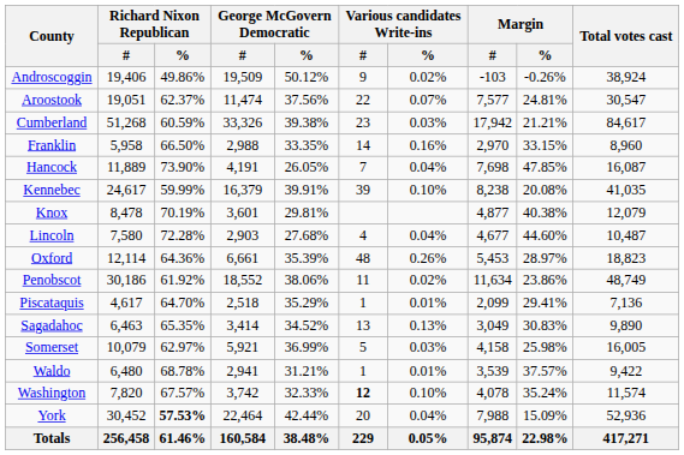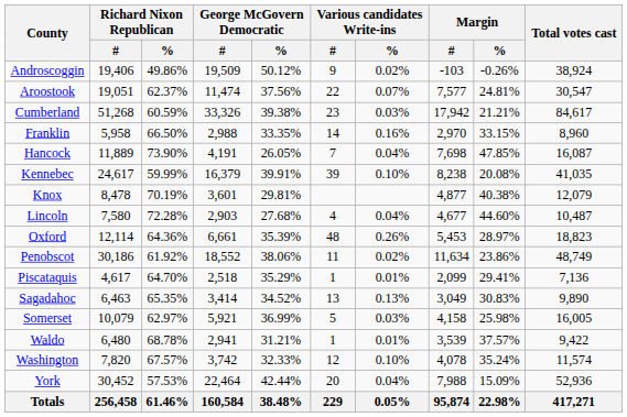 <table width="60%" class="wikitable sortable">
 <tr>
 <th rowspan="2">County</th>
 <th colspan="2">Richard Nixon<br>Republican</th>
 <th colspan="2">George McGovern<br>Democratic</th>
 <th colspan="2">Various candidates<br>Write-ins</th>
 <th colspan="2">Margin</th>
 <th rowspan="2">Total votes cast</th>
 </tr>
 <tr>
 <th style="text-align:center;" data-sort-type="number">#</th>
 <th style="text-align:center;" data-sort-type="number">%</th>
 <th style="text-align:center;" data-sort-type="number">#</th>
 <th style="text-align:center;" data-sort-type="number">%</th>
 <th style="text-align:center;" data-sort-type="number">#</th>
 <th style="text-align:center;" data-sort-type="number">%</th>
 <th style="text-align:center;" data-sort-type="number">#</th>
 <th style="text-align:center;" data-sort-type="number">%</th>
 </tr>
 <tr style="text-align:center;">
 <td><a href='#'>Androscoggin</a></td>
 <td>19,406</td>
 <td>49.86%</td>
 <td>19,509</td>
 <td>50.12%</td>
 <td>9</td>
 <td>0.02%</td>
 <td>-103</td>
 <td>-0.26%</td>
 <td>38,924</td>
 </tr>
 <tr style="text-align:center;">
 <td><a href='#'>Aroostook</a></td>
 <td>19,051</td>
 <td>62.37%</td>
 <td>11,474</td>
 <td>37.56%</td>
 <td>22</td>
 <td>0.07%</td>
 <td>7,577</td>
 <td>24.81%</td>
 <td>30,547</td>
 </tr>
 <tr style="text-align:center;">
 <td><a href='#'>Cumberland</a></td>
 <td>51,268</td>
 <td>60.59%</td>
 <td>33,326</td>
 <td>39.38%</td>
 <td>23</td>
 <td>0.03%</td>
 <td>17,942</td>
 <td>21.21%</td>
 <td>84,617</td>
 </tr>
 <tr style="text-align:center;">
 <td><a href='#'>Franklin</a></td>
 <td>5,958</td>
 <td>66.50%</td>
 <td>2,988</td>
 <td>33.35%</td>
 <td>14</td>
 <td>0.16%</td>
 <td>2,970</td>
 <td>33.15%</td>
 <td>8,960</td>
 </tr>
 <tr style="text-align:center;">
 <td><a href='#'>Hancock</a></td>
 <td>11,889</td>
 <td>73.90%</td>
 <td>4,191</td>
 <td>26.05%</td>
 <td>7</td>
 <td>0.04%</td>
 <td>7,698</td>
 <td>47.85%</td>
 <td>16,087</td>
 </tr>
 <tr style="text-align:center;">
 <td><a href='#'>Kennebec</a></td>
 <td>24,617</td>
 <td>59.99%</td>
 <td>16,379</td>
 <td>39.91%</td>
 <td>39</td>
 <td>0.10%</td>
 <td>8,238</td>
 <td>20.08%</td>
 <td>41,035</td>
 </tr>
 <tr style="text-align:center;">
 <td><a href='#'>Knox</a></td>
 <td>8,478</td>
 <td>70.19%</td>
 <td>3,601</td>
 <td>29.81%</td>
 <td></td>
 <td></td>
 <td>4,877</td>
 <td>40.38%</td>
 <td>12,079</td>
 </tr>
 <tr style="text-align:center;">
 <td><a href='#'>Lincoln</a></td>
 <td>7,580</td>
 <td>72.28%</td>
 <td>2,903</td>
 <td>27.68%</td>
 <td>4</td>
 <td>0.04%</td>
 <td>4,677</td>
 <td>44.60%</td>
 <td>10,487</td>
 </tr>
 <tr style="text-align:center;">
 <td><a href='#'>Oxford</a></td>
 <td>12,114</td>
 <td>64.36%</td>
 <td>6,661</td>
 <td>35.39%</td>
 <td>48</td>
 <td>0.26%</td>
 <td>5,453</td>
 <td>28.97%</td>
 <td>18,823</td>
 </tr>
 <tr style="text-align:center;">
 <td><a href='#'>Penobscot</a></td>
 <td>30,186</td>
 <td>61.92%</td>
 <td>18,552</td>
 <td>38.06%</td>
 <td>11</td>
 <td>0.02%</td>
 <td>11,634</td>
 <td>23.86%</td>
 <td>48,749</td>
 </tr>
 <tr style="text-align:center;">
 <td><a href='#'>Piscataquis</a></td>
 <td>4,617</td>
 <td>64.70%</td>
 <td>2,518</td>
 <td>35.29%</td>
 <td>1</td>
 <td>0.01%</td>
 <td>2,099</td>
 <td>29.41%</td>
 <td>7,136</td>
 </tr>
 <tr style="text-align:center;">
 <td><a href='#'>Sagadahoc</a></td>
 <td>6,463</td>
 <td>65.35%</td>
 <td>3,414</td>
 <td>34.52%</td>
 <td>13</td>
 <td>0.13%</td>
 <td>3,049</td>
 <td>30.83%</td>
 <td>9,890</td>
 </tr>
 <tr style="text-align:center;">
 <td><a href='#'>Somerset</a></td>
 <td>10,079</td>
 <td>62.97%</td>
 <td>5,921</td>
 <td>36.99%</td>
 <td>5</td>
 <td>0.03%</td>
 <td>4,158</td>
 <td>25.98%</td>
 <td>16,005</td>
 </tr>
 <tr style="text-align:center;">
 <td><a href='#'>Waldo</a></td>
 <td>6,480</td>
 <td>68.78%</td>
 <td>2,941</td>
 <td>31.21%</td>
 <td>1</td>
 <td>0.01%</td>
 <td>3,539</td>
 <td>37.57%</td>
 <td>9,422</td>
 </tr>
 <tr style="text-align:center;">
 <td><a href='#'>Washington</a></td>
 <td>7,820</td>
 <td>67.57%</td>
 <td>3,742</td>
 <td>32.33%</td>
-<td><strong>12</strong></td>
+<td>12</td>
 <td>0.10%</td>
 <td>4,078</td>
 <td>35.24%</td>
 <td>11,574</td>
 </tr>
 <tr style="text-align:center;">
 <td><a href='#'>York</a></td>
 <td>30,452</td>
-<td><strong>57.53%</strong></td>
+<td>57.53%</td>
 <td>22,464</td>
 <td>42.44%</td>
 <td>20</td>
 <td>0.04%</td>
 <td>7,988</td>
 <td>15.09%</td>
 <td>52,936</td>
 </tr>
 <tr>
 <th>Totals</th>
 <th>256,458</th>
 <th>61.46%</th>
 <th>160,584</th>
 <th>38.48%</th>
 <th>229</th>
 <th>0.05%</th>
 <th>95,874</th>
 <th>22.98%</th>
 <th>417,271</th>
 </tr>
 </table>
